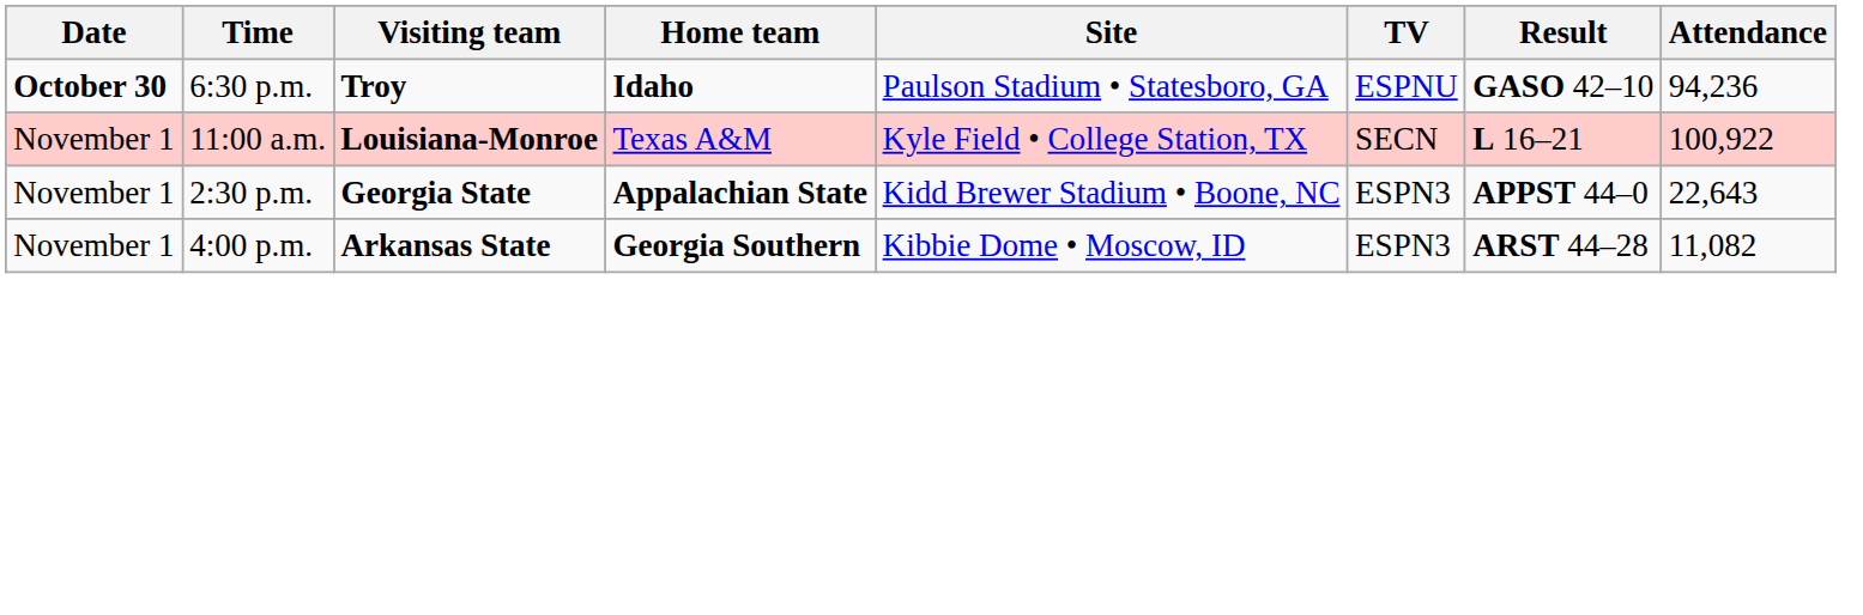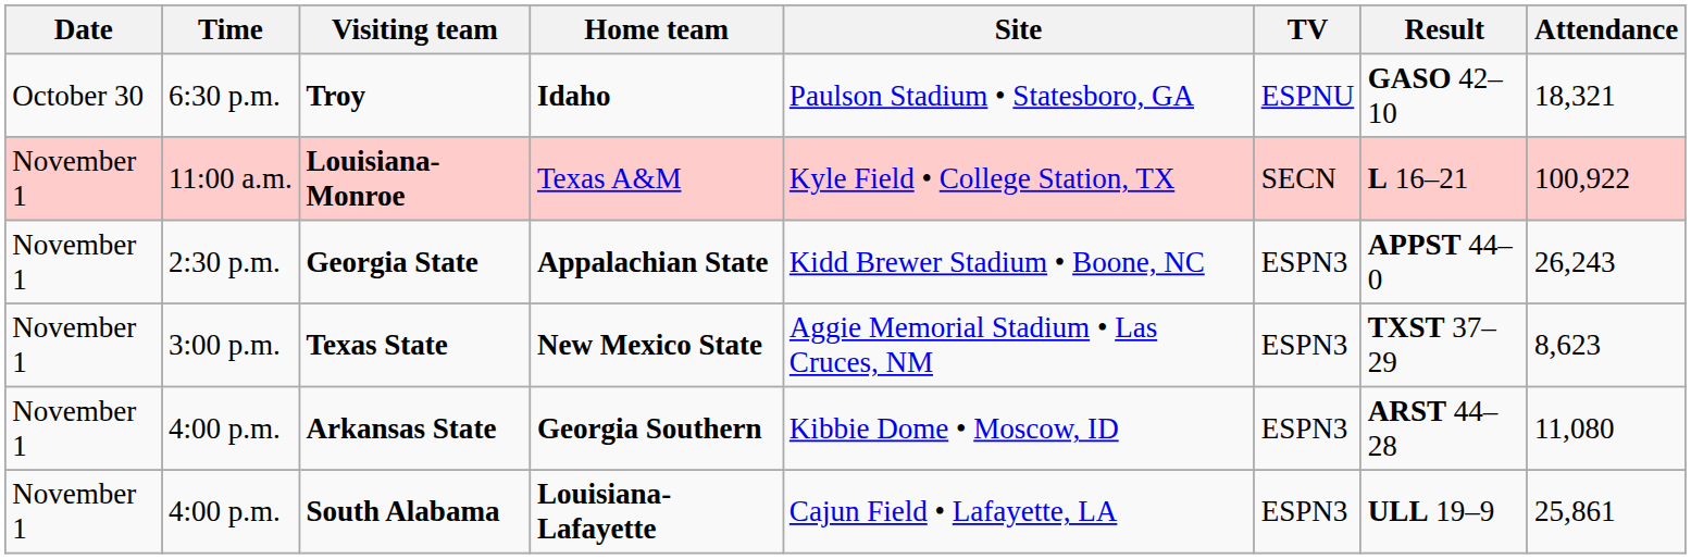 <table class="wikitable" style="font-size:95%;">
 <tr>
 <th>Date</th>
 <th>Time</th>
 <th>Visiting team</th>
 <th>Home team</th>
 <th>Site</th>
 <th>TV</th>
 <th>Result</th>
 <th>Attendance</th>
 </tr>
 <tr style="background:">
-<td><strong>October 30</strong></td>
+<td>October 30</td>
 <td>6:30 p.m.</td>
 <td><strong>Troy</strong></td>
 <td><strong>Idaho</strong></td>
 <td><a href='#'>Paulson Stadium</a> • <a href='#'>Statesboro, GA</a></td>
 <td><a href='#'>ESPNU</a></td>
 <td><strong>GASO</strong> 42–10</td>
-<td>94,236</td>
+<td>18,321</td>
 </tr>
 <tr style="background:#fcc">
 <td>November 1</td>
 <td>11:00 a.m.</td>
 <td><strong>Louisiana-Monroe</strong></td>
 <td><a href='#'>Texas A&M</a></td>
 <td><a href='#'>Kyle Field</a> • <a href='#'>College Station, TX</a></td>
 <td>SECN</td>
 <td><strong>L</strong> 16–21</td>
 <td>100,922</td>
 </tr>
 <tr style="background:">
 <td>November 1</td>
 <td>2:30 p.m.</td>
 <td><strong>Georgia State</strong></td>
 <td><strong>Appalachian State</strong></td>
 <td><a href='#'>Kidd Brewer Stadium</a> • <a href='#'>Boone, NC</a></td>
 <td>ESPN3</td>
 <td><strong>APPST</strong> 44–0</td>
-<td>22,643</td>
+<td>26,243</td>
+</tr>
+<tr style="background:">
+<td>November 1</td>
+<td>3:00 p.m.</td>
+<td><strong>Texas State</strong></td>
+<td><strong>New Mexico State</strong></td>
+<td><a href='#'>Aggie Memorial Stadium</a> • <a href='#'>Las Cruces, NM</a></td>
+<td>ESPN3</td>
+<td><strong>TXST</strong> 37–29</td>
+<td>8,623</td>
 </tr>
 <tr style="background:">
 <td>November 1</td>
 <td>4:00 p.m.</td>
 <td><strong>Arkansas State</strong></td>
 <td><strong>Georgia Southern</strong></td>
 <td><a href='#'>Kibbie Dome</a> • <a href='#'>Moscow, ID</a></td>
 <td>ESPN3</td>
 <td><strong>ARST</strong> 44–28</td>
-<td>11,082</td>
+<td>11,080</td>
+</tr>
+<tr style="background:">
+<td>November 1</td>
+<td>4:00 p.m.</td>
+<td><strong>South Alabama</strong></td>
+<td><strong>Louisiana-Lafayette</strong></td>
+<td><a href='#'>Cajun Field</a> • <a href='#'>Lafayette, LA</a></td>
+<td>ESPN3</td>
+<td><strong>ULL</strong> 19–9</td>
+<td>25,861</td>
 </tr>
 </table>
